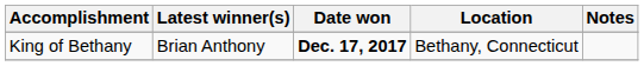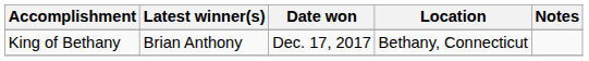 <table class="wikitable sortable">
 <tr>
 <th>Accomplishment</th>
 <th>Latest winner(s)</th>
 <th>Date won</th>
 <th>Location</th>
 <th class="unsortable">Notes</th>
 </tr>
 <tr style="background: #CCFFCC;">
 </tr>
 <tr>
 <td>King of Bethany</td>
 <td>Brian Anthony</td>
-<td><strong>Dec. 17, 2017</strong></td>
+<td>Dec. 17, 2017</td>
 <td>Bethany, Connecticut</td>
 <td></td>
 </tr>
 <tr>
 </tr>
 </table>
